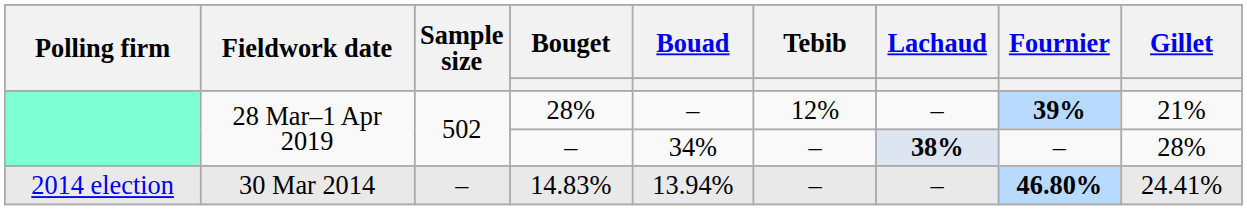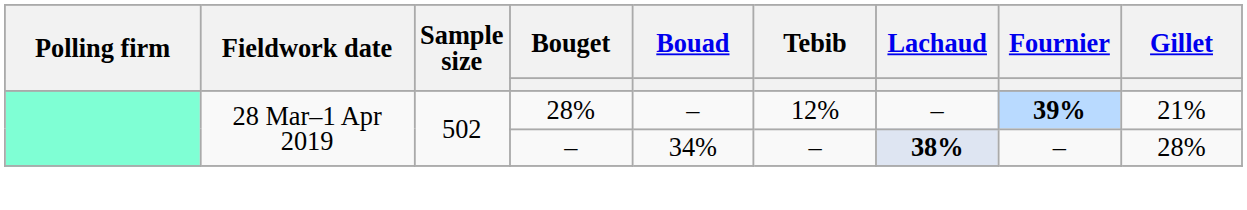 <table class="wikitable sortable" style="text-align:center;font-size:90%;line-height:14px;">
 <tr style="height:40px;">
 <th style="width:100px;" rowspan="2">Polling firm</th>
 <th style="width:110px;" rowspan="2">Fieldwork date</th>
 <th style="width:35px;" rowspan="2">Sample<br>size</th>
 <th class="unsortable" style="width:60px;">Bouget<br></th>
 <th class="unsortable" style="width:60px;"><a href='#'>Bouad</a><br></th>
 <th class="unsortable" style="width:60px;">Tebib<br></th>
 <th class="unsortable" style="width:60px;"><a href='#'>Lachaud</a><br></th>
 <th class="unsortable" style="width:60px;"><a href='#'>Fournier</a><br></th>
 <th class="unsortable" style="width:60px;"><a href='#'>Gillet</a><br></th>
 </tr>
 <tr>
 <th style="background:"></th>
 <th style="background:"></th>
 <th style="background:"></th>
 <th style="background:"></th>
 <th style="background:"></th>
 <th style="background:"></th>
 </tr>
 <tr>
 <td rowspan="2" style="background:aquamarine;"></td>
 <td rowspan="2" data-sort-value="2019-04-01">28 Mar–1 Apr 2019</td>
 <td rowspan="2">502</td>
 <td>28%</td>
 <td>–</td>
 <td>12%</td>
 <td>–</td>
 <td style="background:#B9DAFF;"><strong>39%</strong></td>
 <td>21%</td>
 </tr>
 <tr>
 <td>–</td>
 <td>34%</td>
 <td>–</td>
 <td style="background:#DEE5F2;"><strong>38%</strong></td>
 <td>–</td>
 <td>28%</td>
 </tr>
-<tr style="background:#E9E9E9;">
-<td><a href='#'>2014 election</a></td>
-<td data-sort-value="2014-03-30">30 Mar 2014</td>
-<td>–</td>
-<td>14.83%</td>
-<td>13.94%</td>
-<td>–</td>
-<td>–</td>
-<td style="background:#B9DAFF;"><strong>46.80%</strong></td>
-<td>24.41%</td>
-</tr>
 </table>
